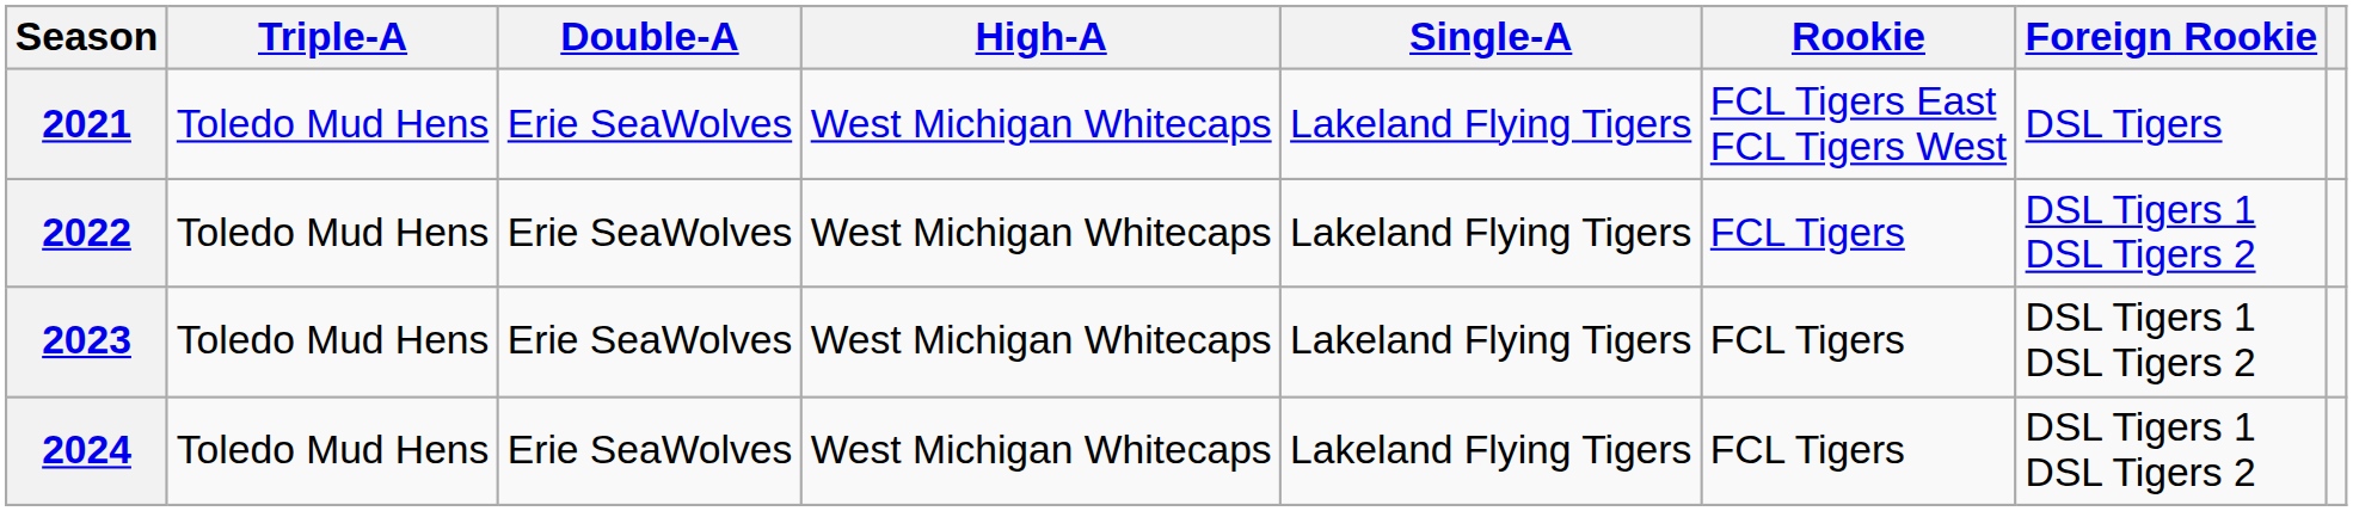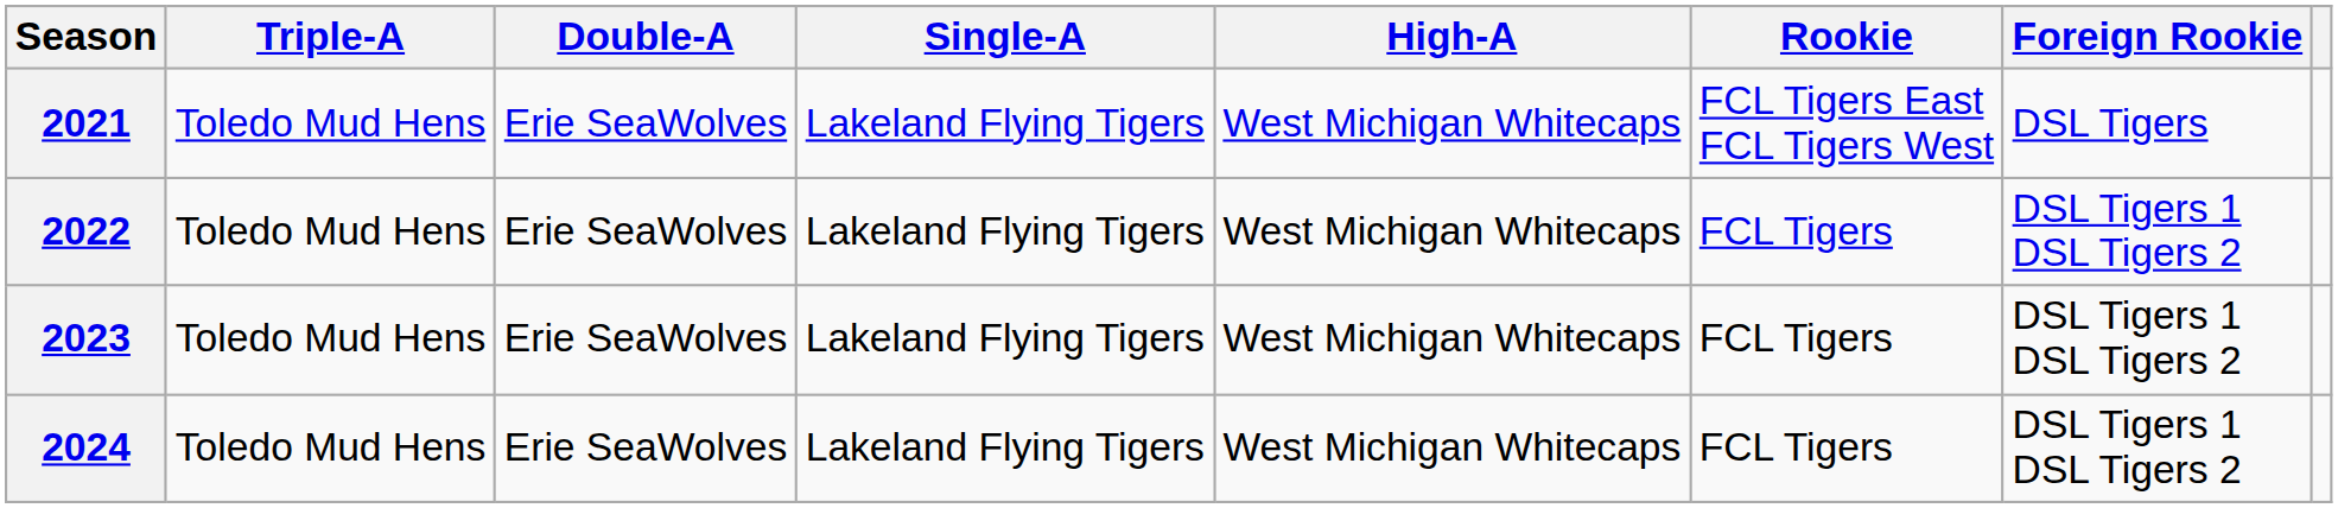 <table class="wikitable plainrowheaders">
 <tr>
 <th scope="col">Season</th>
 <th scope="col"><a href='#'><span>Triple-A</span></a></th>
 <th scope="col"><a href='#'><span>Double-A</span></a></th>
+<th scope="col"><a href='#'><span>Single-A</span></a></th>
 <th scope="col"><a href='#'><span>High-A</span></a></th>
-<th scope="col"><a href='#'><span>Single-A</span></a></th>
 <th scope="col"><a href='#'><span>Rookie</span></a></th>
 <th scope="col"><a href='#'><span>Foreign Rookie</span></a></th>
 <th scope="col"></th>
 </tr>
 <tr>
 <th scope="row" style="text-align:center"><a href='#'>2021</a></th>
 <td><a href='#'>Toledo Mud Hens</a></td>
 <td><a href='#'>Erie SeaWolves</a></td>
+<td><a href='#'>Lakeland Flying Tigers</a></td>
 <td><a href='#'>West Michigan Whitecaps</a></td>
-<td><a href='#'>Lakeland Flying Tigers</a></td>
 <td><a href='#'>FCL Tigers East</a><br><a href='#'>FCL Tigers West</a></td>
 <td><a href='#'>DSL Tigers</a></td>
 <td align="center"></td>
 </tr>
 <tr>
 <th scope="row" style="text-align:center"><a href='#'>2022</a></th>
 <td>Toledo Mud Hens</td>
 <td>Erie SeaWolves</td>
+<td>Lakeland Flying Tigers</td>
 <td>West Michigan Whitecaps</td>
-<td>Lakeland Flying Tigers</td>
 <td><a href='#'>FCL Tigers</a></td>
 <td><a href='#'>DSL Tigers 1</a><br><a href='#'>DSL Tigers 2</a></td>
 <td align="center"></td>
 </tr>
 <tr>
 <th scope="row" style="text-align:center"><a href='#'>2023</a></th>
 <td>Toledo Mud Hens</td>
 <td>Erie SeaWolves</td>
+<td>Lakeland Flying Tigers</td>
 <td>West Michigan Whitecaps</td>
-<td>Lakeland Flying Tigers</td>
 <td>FCL Tigers</td>
 <td>DSL Tigers 1<br>DSL Tigers 2</td>
 <td align="center"></td>
 </tr>
 <tr>
 <th scope="row" style="text-align:center"><a href='#'>2024</a></th>
 <td>Toledo Mud Hens</td>
 <td>Erie SeaWolves</td>
+<td>Lakeland Flying Tigers</td>
 <td>West Michigan Whitecaps</td>
-<td>Lakeland Flying Tigers</td>
 <td>FCL Tigers</td>
 <td>DSL Tigers 1<br>DSL Tigers 2</td>
 <td align="center"></td>
 </tr>
 </table>
